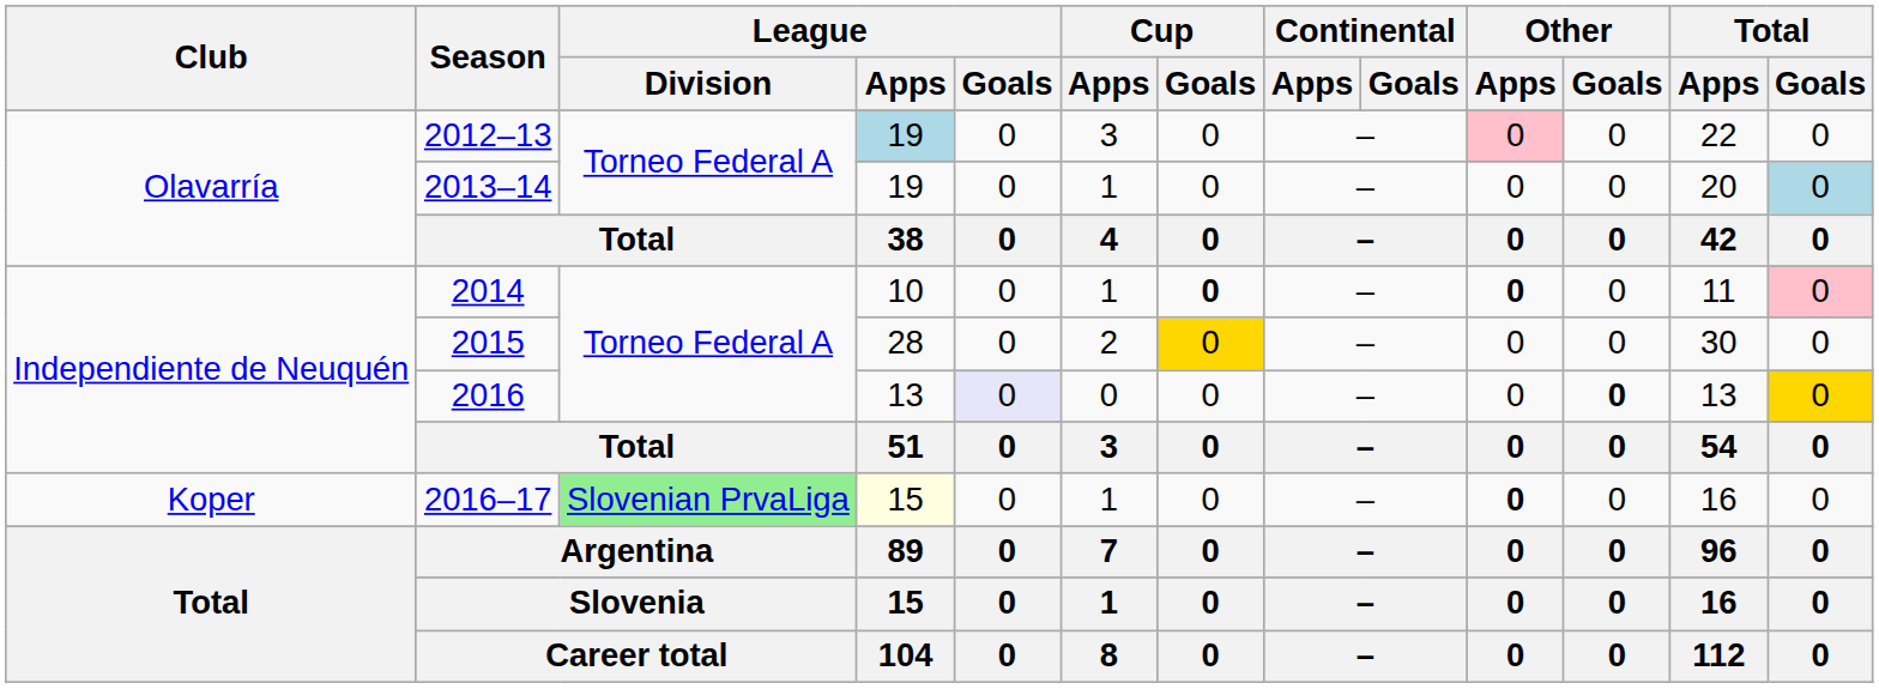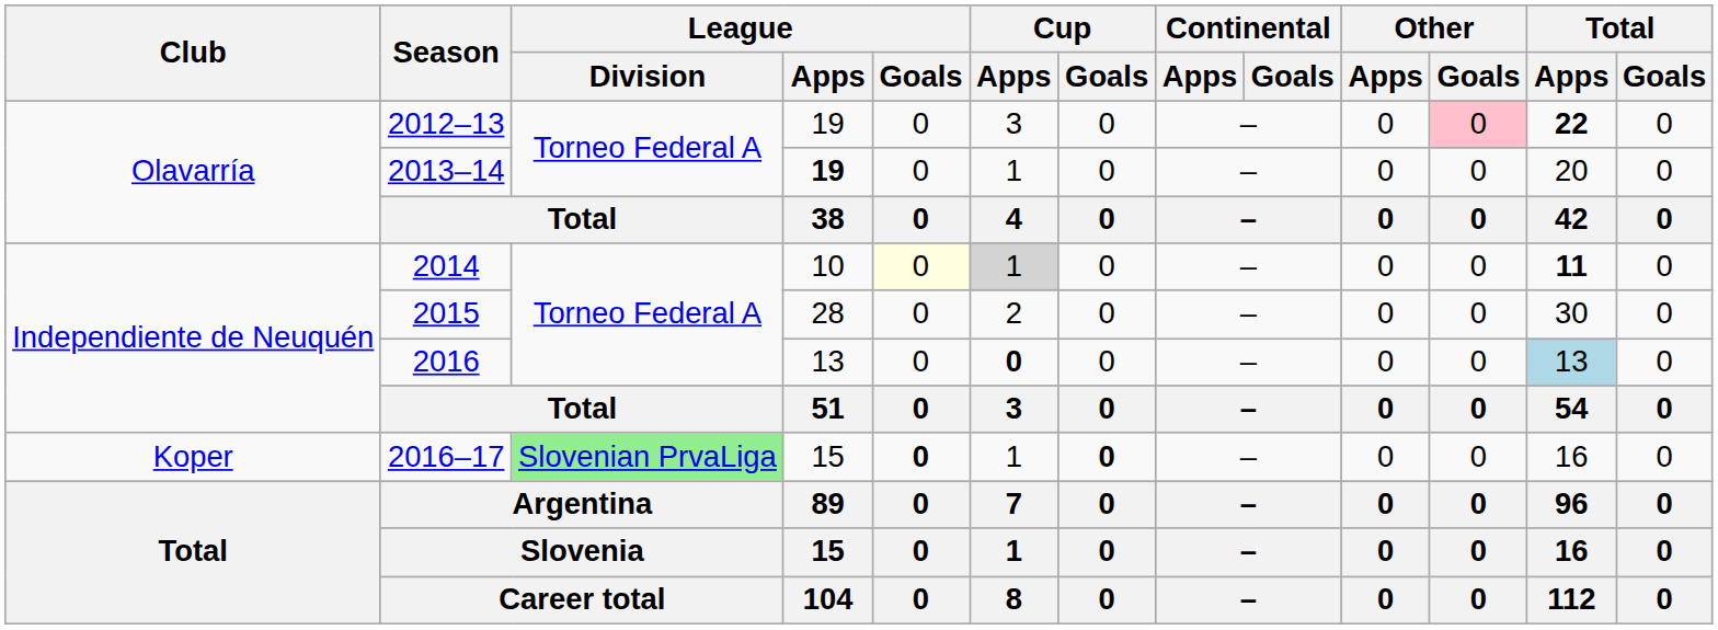 <table class="wikitable" style="text-align: center">
 <tr>
 <th rowspan="2">Club</th>
 <th rowspan="2">Season</th>
 <th colspan="3">League</th>
 <th colspan="2">Cup</th>
 <th colspan="2">Continental</th>
 <th colspan="2">Other</th>
 <th colspan="2">Total</th>
 </tr>
 <tr>
 <th>Division</th>
 <th>Apps</th>
 <th>Goals</th>
 <th>Apps</th>
 <th>Goals</th>
 <th>Apps</th>
 <th>Goals</th>
 <th>Apps</th>
 <th>Goals</th>
 <th>Apps</th>
 <th>Goals</th>
 </tr>
 <tr>
 <td rowspan="3"><a href='#'>Olavarría</a></td>
 <td><a href='#'>2012–13</a></td>
 <td rowspan="2"><a href='#'>Torneo Federal A</a></td>
-<td style="background: lightblue;">19</td>
+<td>19</td>
 <td>0</td>
 <td>3</td>
 <td>0</td>
 <td colspan="2">–</td>
+<td>0</td>
 <td style="background: pink;">0</td>
-<td>0</td>
-<td>22</td>
+<td><strong>22</strong></td>
 <td>0</td>
 </tr>
 <tr>
 <td><a href='#'>2013–14</a></td>
-<td>19</td>
+<td><strong>19</strong></td>
 <td>0</td>
 <td>1</td>
 <td>0</td>
 <td colspan="2">–</td>
 <td>0</td>
 <td>0</td>
 <td>20</td>
-<td style="background: lightblue;">0</td>
+<td>0</td>
 </tr>
 <tr>
 <th colspan="2"><strong>Total</strong></th>
 <th>38</th>
 <th>0</th>
 <th>4</th>
 <th>0</th>
 <th colspan="2">–</th>
 <th>0</th>
 <th>0</th>
 <th>42</th>
 <th>0</th>
 </tr>
 <tr>
 <td rowspan="4"><a href='#'>Independiente de Neuquén</a></td>
 <td><a href='#'>2014</a></td>
 <td rowspan="3"><a href='#'>Torneo Federal A</a></td>
 <td>10</td>
+<td style="background: lightyellow;">0</td>
+<td style="background: lightgrey;">1</td>
 <td>0</td>
-<td>1</td>
-<td><strong>0</strong></td>
 <td colspan="2">–</td>
-<td><strong>0</strong></td>
 <td>0</td>
-<td>11</td>
-<td style="background: pink;">0</td>
+<td>0</td>
+<td><strong>11</strong></td>
+<td>0</td>
 </tr>
 <tr>
 <td><a href='#'>2015</a></td>
 <td>28</td>
 <td>0</td>
 <td>2</td>
-<td style="background: gold;">0</td>
+<td>0</td>
 <td colspan="2">–</td>
 <td>0</td>
 <td>0</td>
 <td>30</td>
 <td>0</td>
 </tr>
 <tr>
 <td><a href='#'>2016</a></td>
 <td>13</td>
-<td style="background: lavender;">0</td>
 <td>0</td>
+<td><strong>0</strong></td>
 <td>0</td>
 <td colspan="2">–</td>
 <td>0</td>
-<td><strong>0</strong></td>
-<td>13</td>
-<td style="background: gold;">0</td>
+<td>0</td>
+<td style="background: lightblue;">13</td>
+<td>0</td>
 </tr>
 <tr>
 <th colspan="2"><strong>Total</strong></th>
 <th>51</th>
 <th>0</th>
 <th>3</th>
 <th>0</th>
 <th colspan="2">–</th>
 <th>0</th>
 <th>0</th>
 <th>54</th>
 <th>0</th>
 </tr>
 <tr>
 <td><a href='#'>Koper</a></td>
 <td><a href='#'>2016–17</a></td>
 <td style="background: lightgreen;"><a href='#'>Slovenian PrvaLiga</a></td>
-<td style="background: lightyellow;">15</td>
+<td>15</td>
+<td><strong>0</strong></td>
+<td>1</td>
+<td><strong>0</strong></td>
+<td colspan="2">–</td>
 <td>0</td>
-<td>1</td>
-<td>0</td>
-<td colspan="2">–</td>
-<td><strong>0</strong></td>
 <td>0</td>
 <td>16</td>
 <td>0</td>
 </tr>
 <tr>
 <th rowspan=3>Total</th>
 <th colspan=2>Argentina</th>
 <th>89</th>
 <th>0</th>
 <th>7</th>
 <th>0</th>
 <th colspan="2">–</th>
 <th>0</th>
 <th>0</th>
 <th>96</th>
 <th>0</th>
 </tr>
 <tr>
 <th colspan=2>Slovenia</th>
 <th>15</th>
 <th>0</th>
 <th>1</th>
 <th>0</th>
 <th colspan="2">–</th>
 <th>0</th>
 <th>0</th>
 <th>16</th>
 <th>0</th>
 </tr>
 <tr>
 <th colspan=2>Career total</th>
 <th>104</th>
 <th>0</th>
 <th>8</th>
 <th>0</th>
 <th colspan="2">–</th>
 <th>0</th>
 <th>0</th>
 <th>112</th>
 <th>0</th>
 </tr>
 </table>
